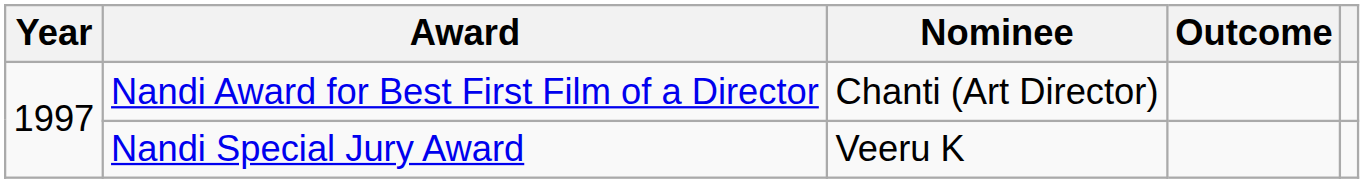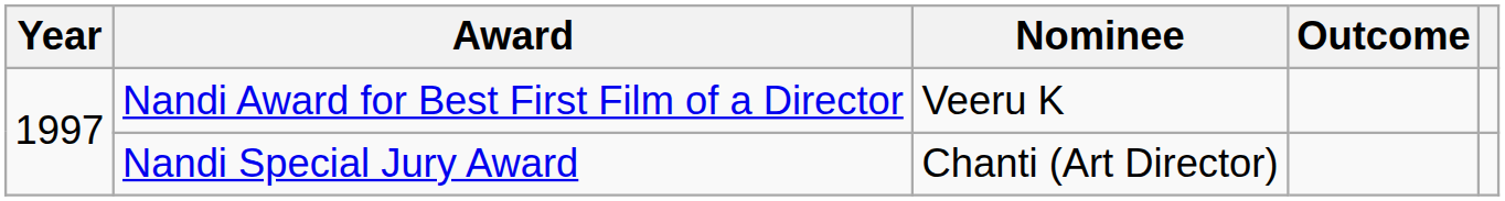 <table class="wikitable sortable">
 <tr>
 <th>Year</th>
 <th>Award</th>
 <th>Nominee</th>
 <th>Outcome</th>
 <th scope="col" class="unsortable"></th>
 </tr>
 <tr>
 <td rowspan="2">1997</td>
 <td><a href='#'>Nandi Award for Best First Film of a Director</a></td>
-<td>Chanti (Art Director)</td>
+<td>Veeru K</td>
 <td></td>
 <td style="text-align:center;"></td>
 </tr>
 <tr>
 <td><a href='#'>Nandi Special Jury Award</a></td>
-<td>Veeru K</td>
+<td>Chanti (Art Director)</td>
 <td></td>
 <td style="text-align:center;"></td>
 </tr>
 </table>
